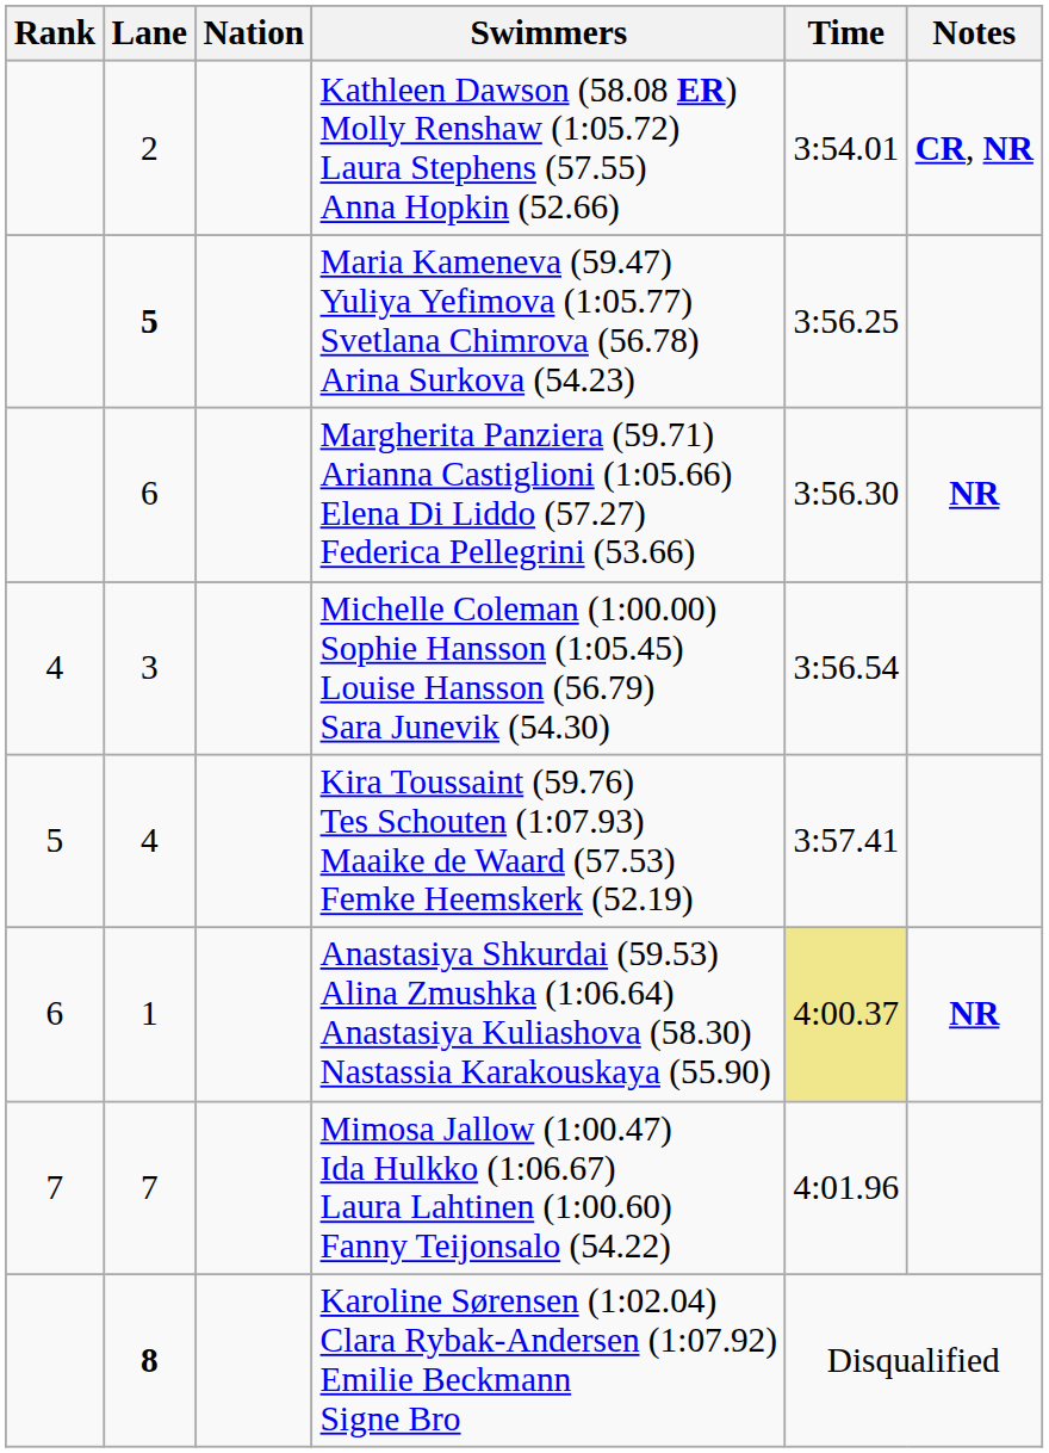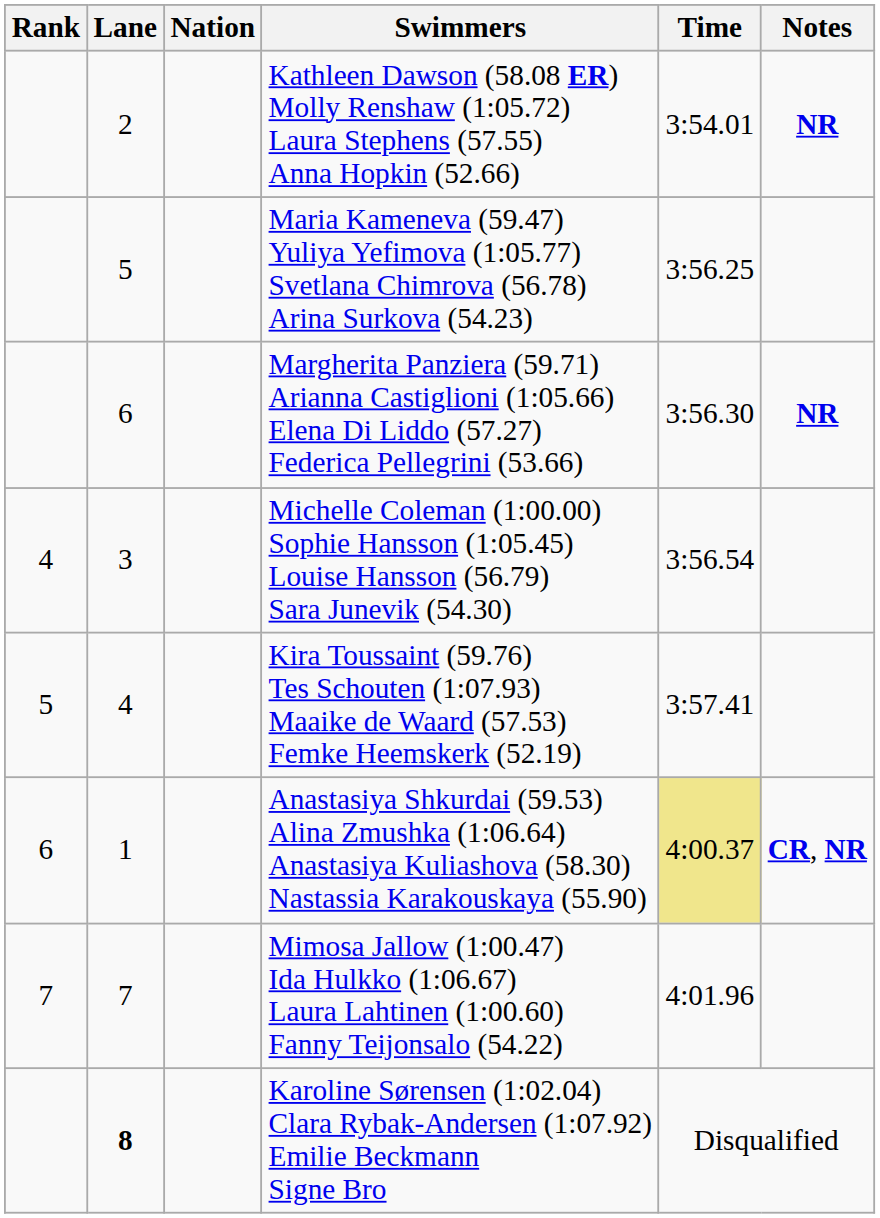 <table class="wikitable sortable" style="text-align:center">
 <tr>
 <th>Rank</th>
 <th>Lane</th>
 <th>Nation</th>
 <th>Swimmers</th>
 <th>Time</th>
 <th>Notes</th>
 </tr>
 <tr>
 <td></td>
 <td>2</td>
 <td align=left></td>
 <td align=left><a href='#'>Kathleen Dawson</a> (58.08 <strong><a href='#'>ER</a></strong>)<br><a href='#'>Molly Renshaw</a> (1:05.72)<br><a href='#'>Laura Stephens</a> (57.55)<br><a href='#'>Anna Hopkin</a> (52.66)</td>
 <td>3:54.01</td>
-<td><strong><a href='#'>CR</a></strong>, <strong><a href='#'>NR</a></strong></td>
+<td><strong><a href='#'>NR</a></strong></td>
 </tr>
 <tr>
 <td></td>
-<td><strong>5</strong></td>
+<td>5</td>
 <td align=left></td>
 <td align=left><a href='#'>Maria Kameneva</a> (59.47)<br><a href='#'>Yuliya Yefimova</a> (1:05.77)<br><a href='#'>Svetlana Chimrova</a> (56.78)<br><a href='#'>Arina Surkova</a> (54.23)</td>
 <td>3:56.25</td>
 <td></td>
 </tr>
 <tr>
 <td></td>
 <td>6</td>
 <td align=left></td>
 <td align=left><a href='#'>Margherita Panziera</a> (59.71)<br><a href='#'>Arianna Castiglioni</a> (1:05.66)<br><a href='#'>Elena Di Liddo</a> (57.27)<br><a href='#'>Federica Pellegrini</a> (53.66)</td>
 <td>3:56.30</td>
 <td><strong><a href='#'>NR</a></strong></td>
 </tr>
 <tr>
 <td>4</td>
 <td>3</td>
 <td align=left></td>
 <td align=left><a href='#'>Michelle Coleman</a> (1:00.00)<br><a href='#'>Sophie Hansson</a> (1:05.45)<br><a href='#'>Louise Hansson</a> (56.79)<br><a href='#'>Sara Junevik</a> (54.30)</td>
 <td>3:56.54</td>
 <td></td>
 </tr>
 <tr>
 <td>5</td>
 <td>4</td>
 <td align=left></td>
 <td align=left><a href='#'>Kira Toussaint</a> (59.76)<br><a href='#'>Tes Schouten</a> (1:07.93)<br><a href='#'>Maaike de Waard</a> (57.53)<br><a href='#'>Femke Heemskerk</a> (52.19)</td>
 <td>3:57.41</td>
 <td></td>
 </tr>
 <tr>
 <td>6</td>
 <td>1</td>
 <td align=left></td>
 <td align=left><a href='#'>Anastasiya Shkurdai</a> (59.53)<br><a href='#'>Alina Zmushka</a> (1:06.64)<br><a href='#'>Anastasiya Kuliashova</a> (58.30)<br><a href='#'>Nastassia Karakouskaya</a> (55.90)</td>
 <td style="background: khaki;">4:00.37</td>
-<td><strong><a href='#'>NR</a></strong></td>
+<td><strong><a href='#'>CR</a></strong>, <strong><a href='#'>NR</a></strong></td>
 </tr>
 <tr>
 <td>7</td>
 <td>7</td>
 <td align=left></td>
 <td align=left><a href='#'>Mimosa Jallow</a> (1:00.47)<br><a href='#'>Ida Hulkko</a> (1:06.67)<br><a href='#'>Laura Lahtinen</a> (1:00.60)<br><a href='#'>Fanny Teijonsalo</a> (54.22)</td>
 <td>4:01.96</td>
 <td></td>
 </tr>
 <tr>
 <td></td>
 <td><strong>8</strong></td>
 <td align=left></td>
 <td align=left><a href='#'>Karoline Sørensen</a> (1:02.04)<br><a href='#'>Clara Rybak-Andersen</a> (1:07.92)<br><a href='#'>Emilie Beckmann</a><br><a href='#'>Signe Bro</a></td>
 <td colspan=2>Disqualified</td>
 </tr>
 </table>
